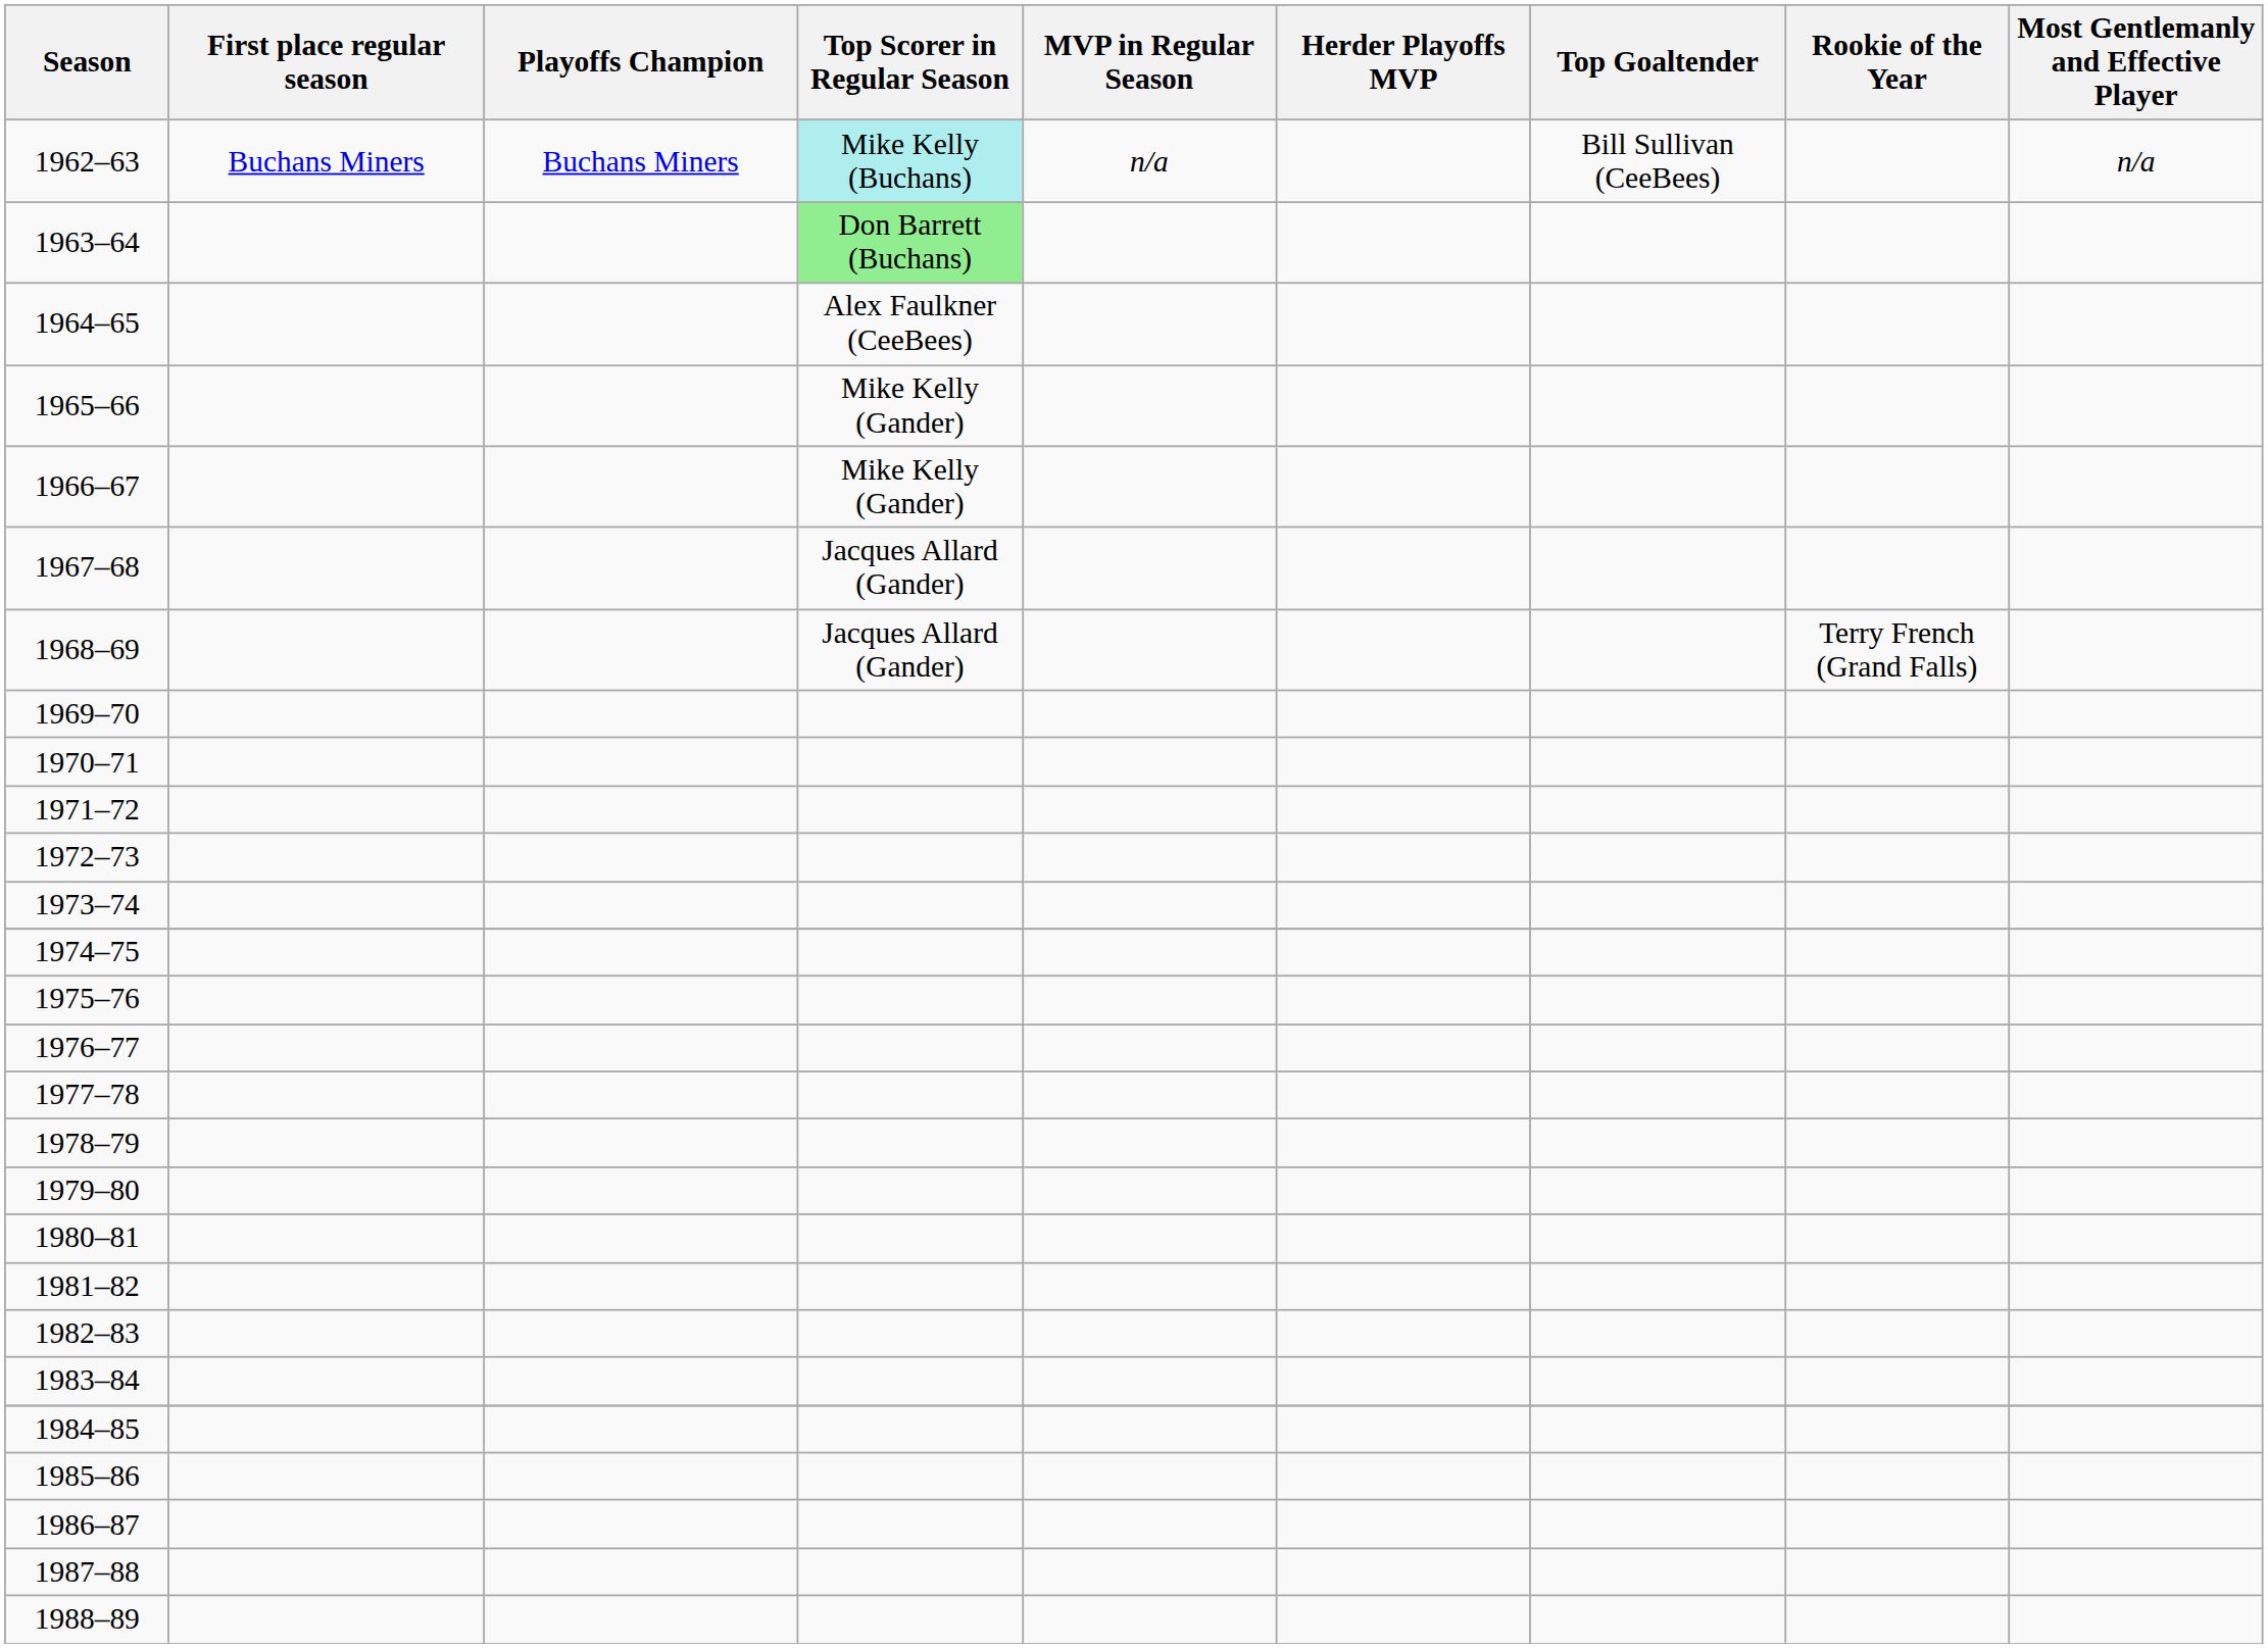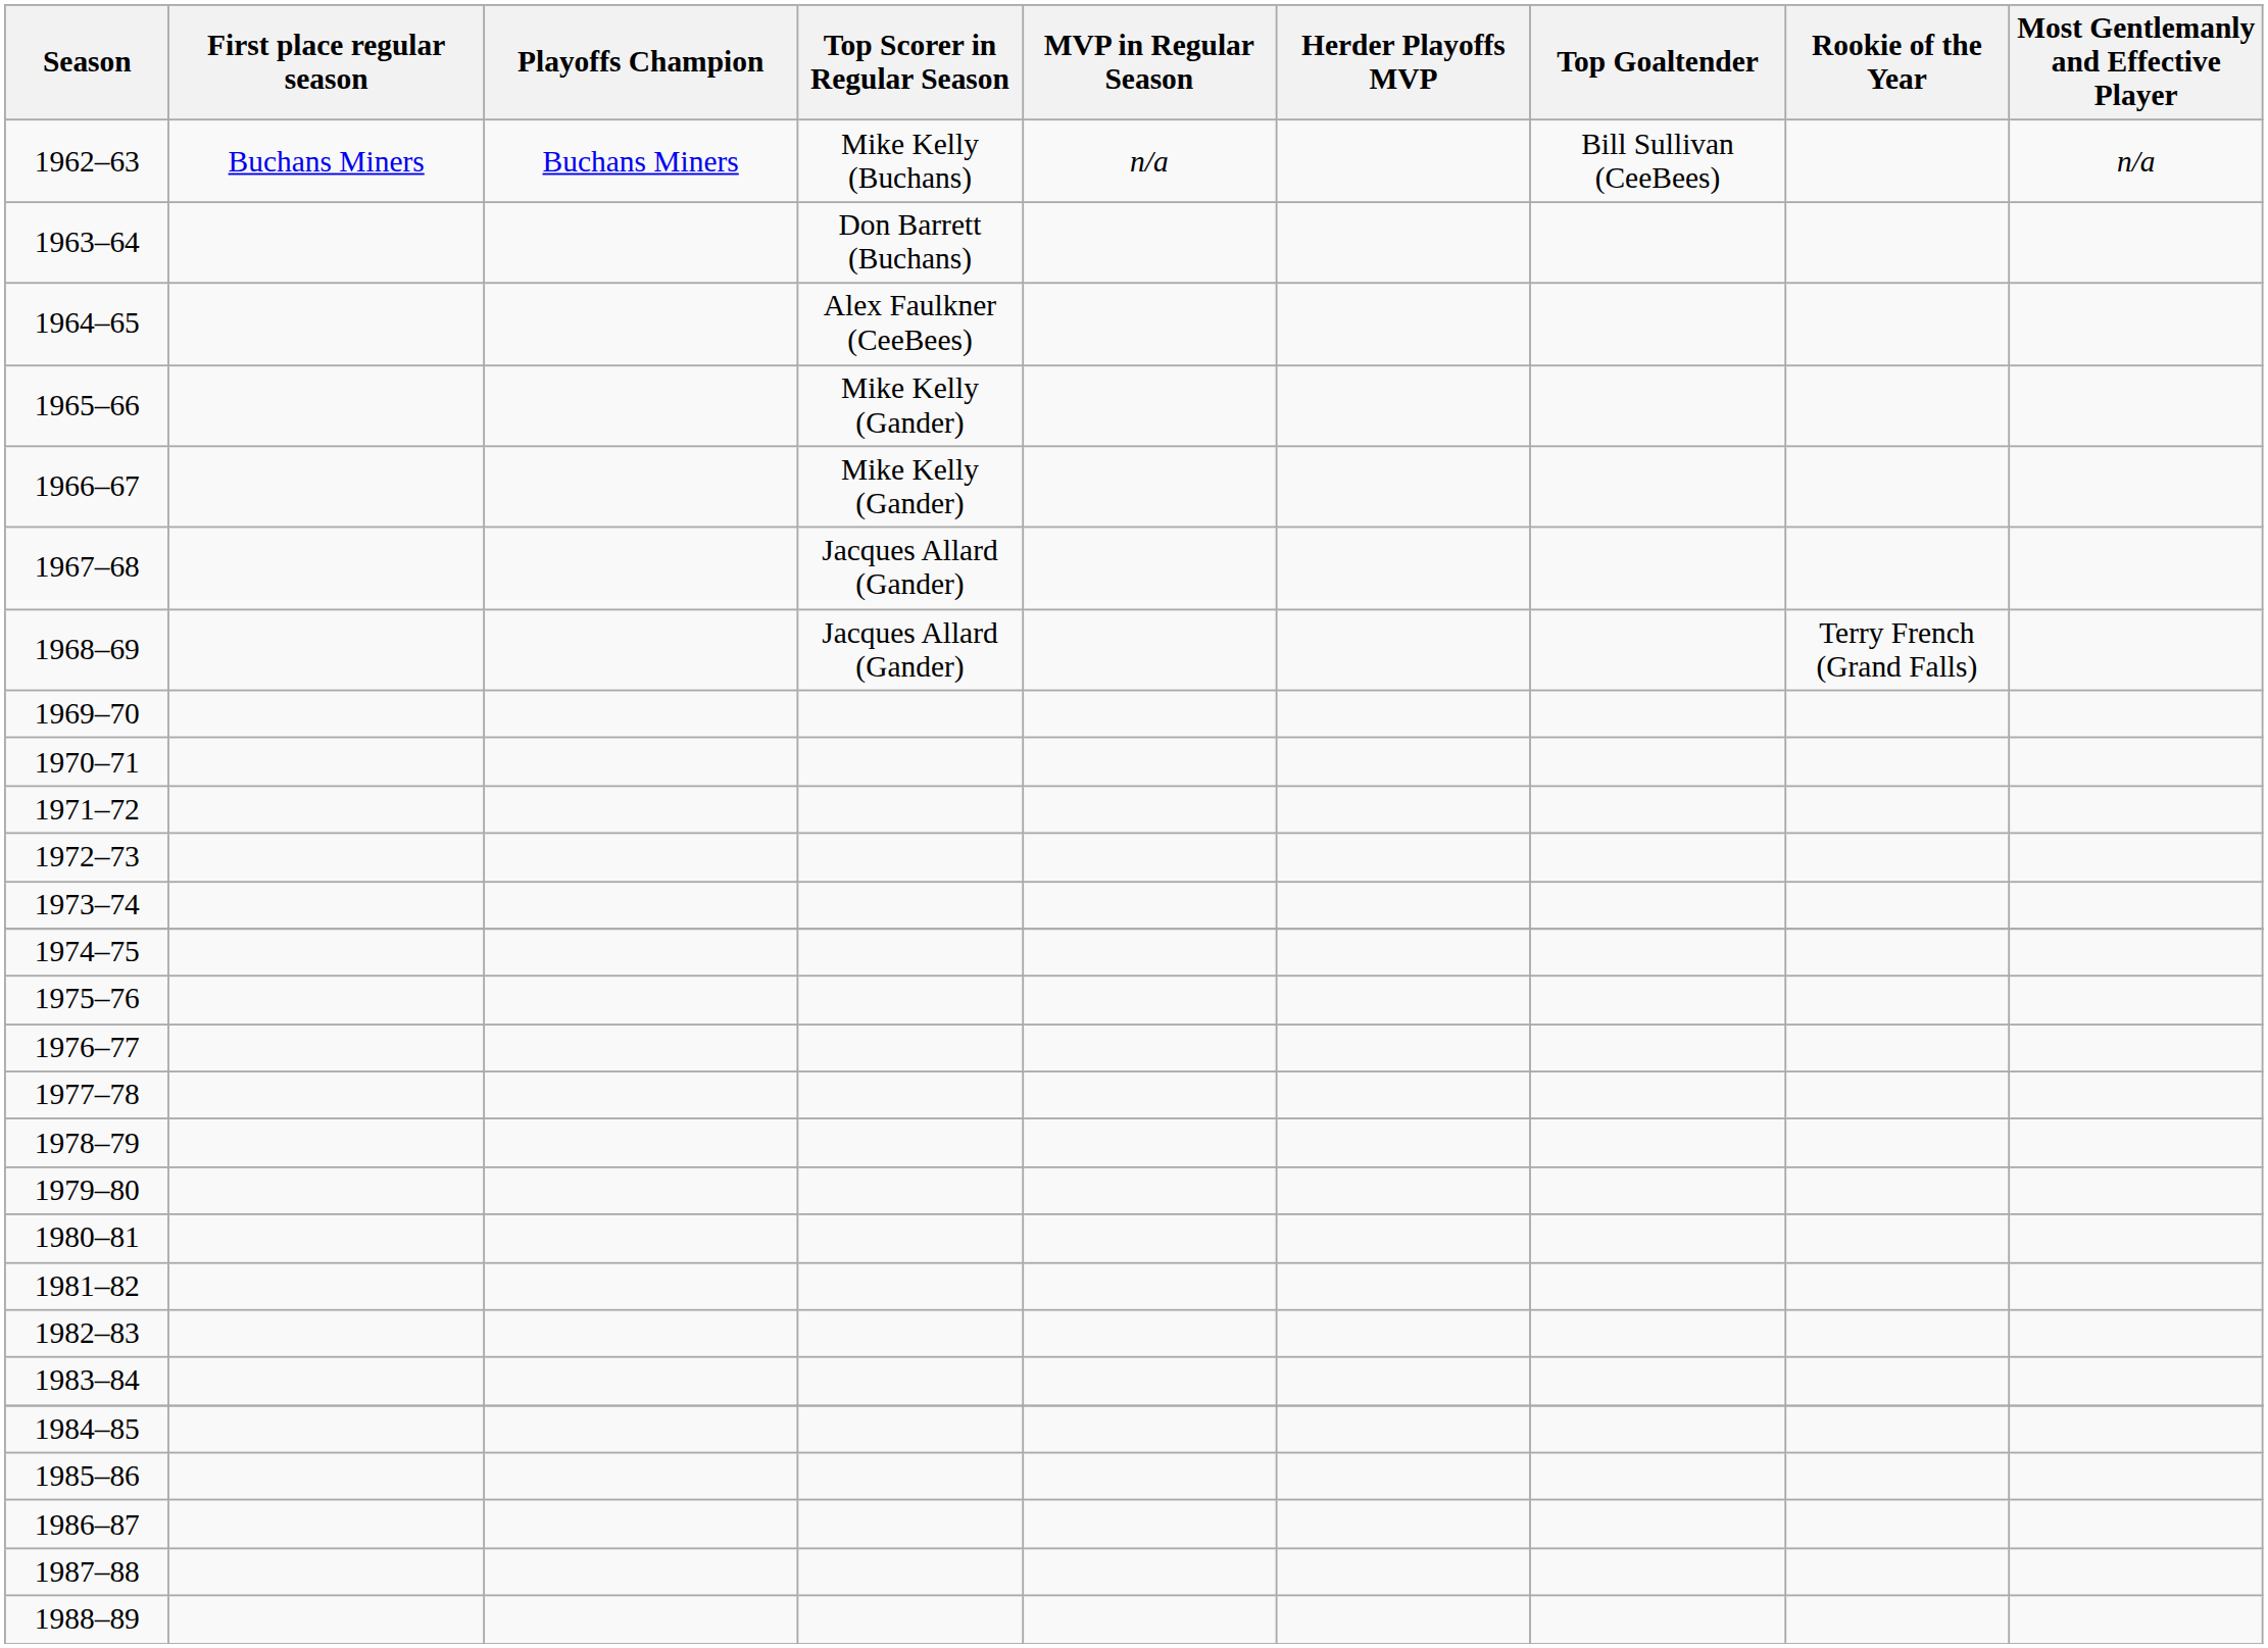 <table class="wikitable">
 <tr>
 <th style="width:5em">Season</th>
 <th style="width:10em">First place regular season</th>
 <th style="width:10em">Playoffs Champion</th>
 <th style="width:7em">Top Scorer in Regular Season</th>
 <th style="width:8em">MVP in Regular Season</th>
 <th style="width:8em">Herder Playoffs MVP</th>
 <th style="width:8em">Top Goaltender</th>
 <th style="width:7em">Rookie of the Year</th>
 <th style="width:8em">Most Gentlemanly and Effective Player</th>
 </tr>
 <tr style="text-align:center;">
 <td>1962–63</td>
 <td><a href='#'>Buchans Miners</a></td>
 <td><a href='#'>Buchans Miners</a></td>
-<td style="background: paleturquoise;">Mike Kelly (Buchans)</td>
+<td>Mike Kelly (Buchans)</td>
 <td><em>n/a</em></td>
 <td></td>
 <td>Bill Sullivan (CeeBees)</td>
 <td></td>
 <td><em>n/a</em></td>
 </tr>
 <tr style="text-align:center;">
 <td>1963–64</td>
 <td></td>
 <td></td>
-<td style="background: lightgreen;">Don Barrett (Buchans)</td>
+<td>Don Barrett (Buchans)</td>
 <td></td>
 <td></td>
 <td></td>
 <td></td>
 <td></td>
 </tr>
 <tr style="text-align:center;">
 <td>1964–65</td>
 <td></td>
 <td></td>
 <td>Alex Faulkner (CeeBees)</td>
 <td></td>
 <td></td>
 <td></td>
 <td></td>
 <td></td>
 </tr>
 <tr style="text-align:center;">
 <td>1965–66</td>
 <td></td>
 <td></td>
 <td>Mike Kelly (Gander)</td>
 <td></td>
 <td></td>
 <td></td>
 <td></td>
 <td></td>
 </tr>
 <tr style="text-align:center;">
 <td>1966–67</td>
 <td></td>
 <td></td>
 <td>Mike Kelly (Gander)</td>
 <td></td>
 <td></td>
 <td></td>
 <td></td>
 <td></td>
 </tr>
 <tr style="text-align:center;">
 <td>1967–68</td>
 <td></td>
 <td></td>
 <td>Jacques Allard (Gander)</td>
 <td></td>
 <td></td>
 <td></td>
 <td></td>
 <td></td>
 </tr>
 <tr style="text-align:center;">
 <td>1968–69</td>
 <td></td>
 <td></td>
 <td>Jacques Allard (Gander)</td>
 <td></td>
 <td></td>
 <td></td>
 <td>Terry French (Grand Falls)</td>
 <td></td>
 </tr>
 <tr style="text-align:center;">
 <td>1969–70</td>
 <td></td>
 <td></td>
 <td></td>
 <td></td>
 <td></td>
 <td></td>
 <td></td>
 <td></td>
 </tr>
 <tr style="text-align:center;">
 <td>1970–71</td>
 <td></td>
 <td></td>
 <td></td>
 <td></td>
 <td></td>
 <td></td>
 <td></td>
 <td></td>
 </tr>
 <tr style="text-align:center;">
 <td>1971–72</td>
 <td></td>
 <td></td>
 <td></td>
 <td></td>
 <td></td>
 <td></td>
 <td></td>
 <td></td>
 </tr>
 <tr style="text-align:center;">
 <td>1972–73</td>
 <td></td>
 <td></td>
 <td></td>
 <td></td>
 <td></td>
 <td></td>
 <td></td>
 <td></td>
 </tr>
 <tr style="text-align:center;">
 <td>1973–74</td>
 <td></td>
 <td></td>
 <td></td>
 <td></td>
 <td></td>
 <td></td>
 <td></td>
 <td></td>
 </tr>
 <tr style="text-align:center;">
 </tr>
 <tr style="text-align:center;">
 <td>1974–75</td>
 <td></td>
 <td></td>
 <td></td>
 <td></td>
 <td></td>
 <td></td>
 <td></td>
 <td></td>
 </tr>
 <tr style="text-align:center;">
 <td>1975–76</td>
 <td></td>
 <td></td>
 <td></td>
 <td></td>
 <td></td>
 <td></td>
 <td></td>
 <td></td>
 </tr>
 <tr style="text-align:center;">
 <td>1976–77</td>
 <td></td>
 <td></td>
 <td></td>
 <td></td>
 <td></td>
 <td></td>
 <td></td>
 <td></td>
 </tr>
 <tr style="text-align:center;">
 <td>1977–78</td>
 <td></td>
 <td></td>
 <td></td>
 <td></td>
 <td></td>
 <td></td>
 <td></td>
 <td></td>
 </tr>
 <tr style="text-align:center;">
 <td>1978–79</td>
 <td></td>
 <td></td>
 <td></td>
 <td></td>
 <td></td>
 <td></td>
 <td></td>
 <td></td>
 </tr>
 <tr style="text-align:center;">
 <td>1979–80</td>
 <td></td>
 <td></td>
 <td></td>
 <td></td>
 <td></td>
 <td></td>
 <td></td>
 <td></td>
 </tr>
 <tr style="text-align:center;">
 <td>1980–81</td>
 <td></td>
 <td></td>
 <td></td>
 <td></td>
 <td></td>
 <td></td>
 <td></td>
 <td></td>
 </tr>
 <tr style="text-align:center;">
 <td>1981–82</td>
 <td></td>
 <td></td>
 <td></td>
 <td></td>
 <td></td>
 <td></td>
 <td></td>
 <td></td>
 </tr>
 <tr style="text-align:center;">
 <td>1982–83</td>
 <td></td>
 <td></td>
 <td></td>
 <td></td>
 <td></td>
 <td></td>
 <td></td>
 <td></td>
 </tr>
 <tr style="text-align:center;">
 <td>1983–84</td>
 <td></td>
 <td></td>
 <td></td>
 <td></td>
 <td></td>
 <td></td>
 <td></td>
 <td></td>
 </tr>
 <tr style="text-align:center;">
 </tr>
 <tr style="text-align:center;">
 <td>1984–85</td>
 <td></td>
 <td></td>
 <td></td>
 <td></td>
 <td></td>
 <td></td>
 <td></td>
 <td></td>
 </tr>
 <tr style="text-align:center;">
 <td>1985–86</td>
 <td></td>
 <td></td>
 <td></td>
 <td></td>
 <td></td>
 <td></td>
 <td></td>
 <td></td>
 </tr>
 <tr style="text-align:center;">
 <td>1986–87</td>
 <td></td>
 <td></td>
 <td></td>
 <td></td>
 <td></td>
 <td></td>
 <td></td>
 <td></td>
 </tr>
 <tr style="text-align:center;">
 <td>1987–88</td>
 <td></td>
 <td></td>
 <td></td>
 <td></td>
 <td></td>
 <td></td>
 <td></td>
 <td></td>
 </tr>
 <tr style="text-align:center;">
 <td>1988–89</td>
 <td></td>
 <td></td>
 <td></td>
 <td></td>
 <td></td>
 <td></td>
 <td></td>
 <td></td>
 </tr>
 <tr style="text-align:center;">
 </tr>
 </table>
